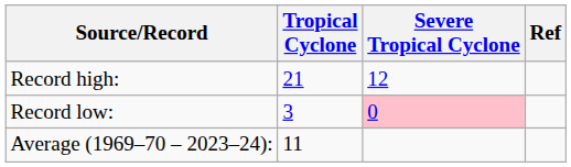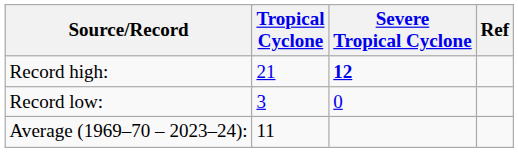 <table class="wikitable" align="right" style="margin:0 0 0.5em 1em;">
 <tr>
 <th colspan=2>Source/Record</th>
 <th><a href='#'>Tropical<br>Cyclone</a></th>
 <th><a href='#'>Severe<br>Tropical Cyclone</a></th>
 <th>Ref</th>
 </tr>
 <tr>
 <td colspan=2>Record high:</td>
 <td><a href='#'>21</a></td>
-<td><a href='#'>12</a></td>
+<td><strong><a href='#'>12</a></strong></td>
 <td></td>
 </tr>
 <tr>
 <td colspan=2>Record low:</td>
 <td><a href='#'>3</a></td>
-<td style="background: pink;"><a href='#'>0</a></td>
+<td><a href='#'>0</a></td>
 <td></td>
 </tr>
 <tr>
 <td colspan=2>Average (1969–70 – 2023–24):</td>
 <td>11</td>
 <td></td>
 <td></td>
 </tr>
 </table>
